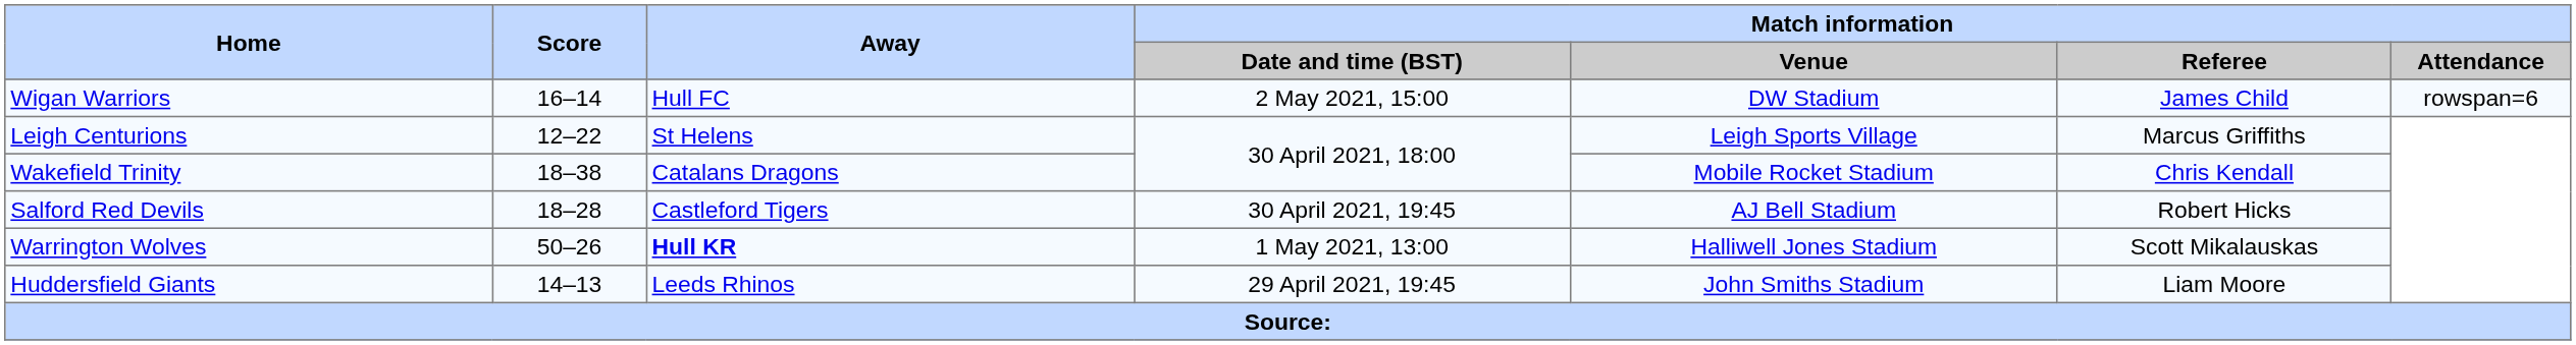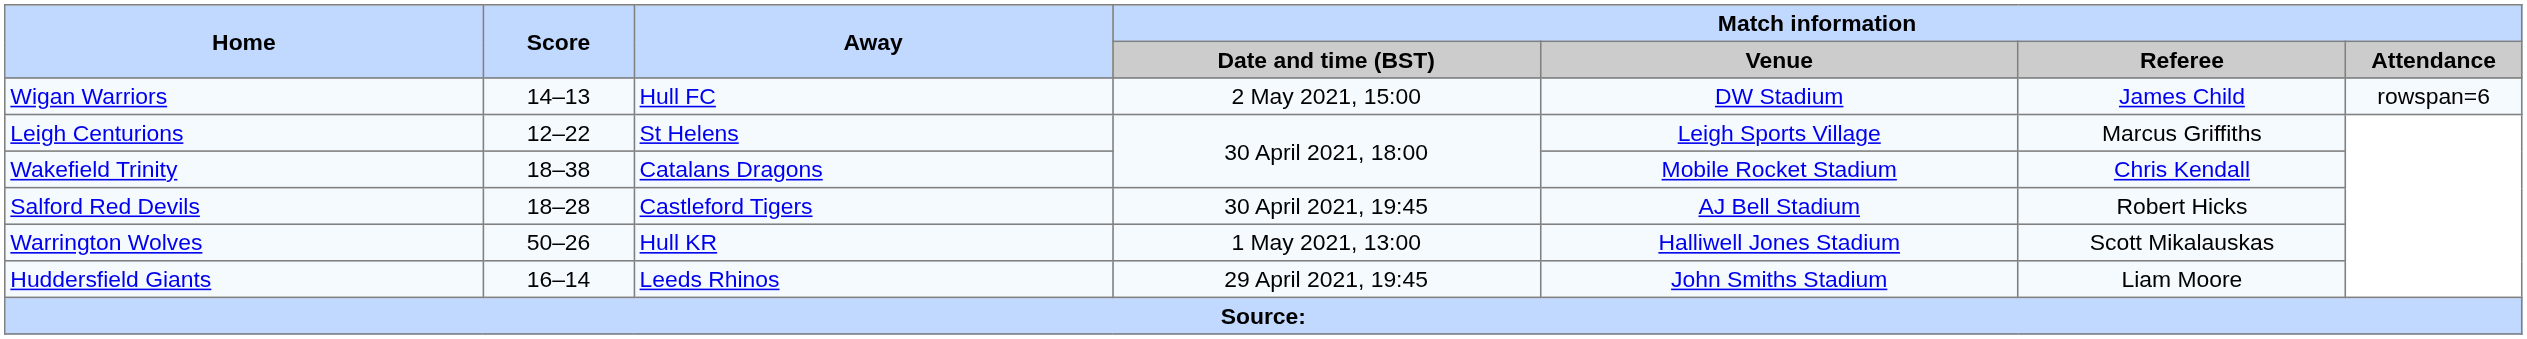 <table border=1 style="border-collapse:collapse; font-size:90%; text-align:center;" cellpadding=3 cellspacing=0 width=100%>
 <tr style="background:#C1D8ff;">
 <th scope="col" rowspan=2 width=19%>Home</th>
 <th scope="col" rowspan=2 width=6%>Score</th>
 <th scope="col" rowspan=2 width=19%>Away</th>
 <th colspan=4>Match information</th>
 </tr>
 <tr style="background:#CCCCCC;">
 <th scope="col" width=17%>Date and time (BST)</th>
 <th scope="col" width=19%>Venue</th>
 <th scope="col" width=13%>Referee</th>
 <th scope="col" width=7%>Attendance</th>
 </tr>
 <tr style="background:#F5FAFF;">
 <td style="text-align:left;"> <a href='#'>Wigan Warriors</a></td>
-<td>16–14</td>
+<td>14–13</td>
 <td style="text-align:left;"> <a href='#'>Hull FC</a></td>
 <td>2 May 2021, 15:00</td>
 <td><a href='#'>DW Stadium</a></td>
 <td><a href='#'>James Child</a></td>
 <td>rowspan=6</td>
 </tr>
 <tr style="background:#F5FAFF;">
 <td style="text-align:left;"> <a href='#'>Leigh Centurions</a></td>
 <td>12–22</td>
 <td style="text-align:left;"> <a href='#'>St Helens</a></td>
 <td rowspan=2>30 April 2021, 18:00</td>
 <td><a href='#'>Leigh Sports Village</a></td>
 <td>Marcus Griffiths</td>
 </tr>
 <tr style="background:#F5FAFF;">
 <td style="text-align:left;"> <a href='#'>Wakefield Trinity</a></td>
 <td>18–38</td>
 <td style="text-align:left;"> <a href='#'>Catalans Dragons</a></td>
 <td><a href='#'>Mobile Rocket Stadium</a></td>
 <td><a href='#'>Chris Kendall</a></td>
 </tr>
 <tr style="background:#F5FAFF;">
 <td style="text-align:left;"> <a href='#'>Salford Red Devils</a></td>
 <td>18–28</td>
 <td style="text-align:left;"> <a href='#'>Castleford Tigers</a></td>
 <td>30 April 2021, 19:45</td>
 <td><a href='#'>AJ Bell Stadium</a></td>
 <td>Robert Hicks</td>
 </tr>
 <tr style="background:#F5FAFF;">
 <td style="text-align:left;"> <a href='#'>Warrington Wolves</a></td>
 <td>50–26</td>
-<td style="text-align:left;"><strong> <a href='#'>Hull KR</a></strong></td>
+<td style="text-align:left;"> <a href='#'>Hull KR</a></td>
 <td>1 May 2021, 13:00</td>
 <td><a href='#'>Halliwell Jones Stadium</a></td>
 <td>Scott Mikalauskas</td>
 </tr>
 <tr style="background:#F5FAFF;">
 <td style="text-align:left;"> <a href='#'>Huddersfield Giants</a></td>
-<td>14–13</td>
+<td>16–14</td>
 <td style="text-align:left;"> <a href='#'>Leeds Rhinos</a></td>
 <td>29 April 2021, 19:45</td>
 <td><a href='#'>John Smiths Stadium</a></td>
 <td>Liam Moore</td>
 </tr>
 <tr style="background:#c1d8ff;">
 <th colspan=7>Source:</th>
 </tr>
 </table>
